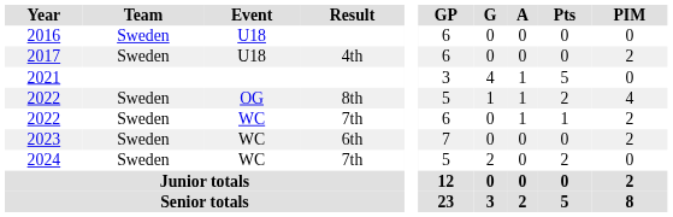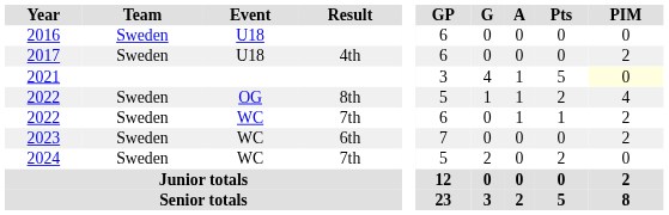 <table border="0" cellpadding="1" cellspacing="0" style="text-align:center; width:40em">
 <tr ALIGN="centre" bgcolor="#e0e0e0">
 <th>Year</th>
 <th>Team</th>
 <th>Event</th>
 <th>Result</th>
 <th rowspan="96" bgcolor="#ffffff"> </th>
 <th>GP</th>
 <th>G</th>
 <th>A</th>
 <th>Pts</th>
 <th>PIM</th>
 </tr>
 <tr>
 <td><a href='#'>2016</a></td>
 <td><a href='#'>Sweden</a></td>
 <td><a href='#'>U18</a></td>
 <td></td>
 <td>6</td>
 <td>0</td>
 <td>0</td>
 <td>0</td>
 <td>0</td>
 </tr>
 <tr bgcolor="#f0f0f0">
 <td><a href='#'>2017</a></td>
 <td>Sweden</td>
 <td>U18</td>
 <td>4th</td>
 <td>6</td>
 <td>0</td>
 <td>0</td>
 <td>0</td>
 <td>2</td>
 </tr>
 <tr>
 <td><a href='#'>2021</a></td>
 <td></td>
 <td></td>
 <td></td>
 <td>3</td>
 <td>4</td>
 <td>1</td>
 <td>5</td>
-<td>0</td>
+<td style="background: lightyellow;">0</td>
 </tr>
 <tr bgcolor="#f0f0f0">
 <td><a href='#'>2022</a></td>
 <td>Sweden</td>
 <td><a href='#'>OG</a></td>
 <td>8th</td>
 <td>5</td>
 <td>1</td>
 <td>1</td>
 <td>2</td>
 <td>4</td>
 </tr>
 <tr>
 <td><a href='#'>2022</a></td>
 <td>Sweden</td>
 <td><a href='#'>WC</a></td>
 <td>7th</td>
 <td>6</td>
 <td>0</td>
 <td>1</td>
 <td>1</td>
 <td>2</td>
 </tr>
 <tr bgcolor="#f0f0f0">
 <td><a href='#'>2023</a></td>
 <td>Sweden</td>
 <td>WC</td>
 <td>6th</td>
 <td>7</td>
 <td>0</td>
 <td>0</td>
 <td>0</td>
 <td>2</td>
 </tr>
 <tr>
 <td><a href='#'>2024</a></td>
 <td>Sweden</td>
 <td>WC</td>
 <td>7th</td>
 <td>5</td>
 <td>2</td>
 <td>0</td>
 <td>2</td>
 <td>0</td>
 </tr>
 <tr align="centre" bgcolor="#e0e0e0">
 <th colspan="4">Junior totals</th>
 <th>12</th>
 <th>0</th>
 <th>0</th>
 <th>0</th>
 <th>2</th>
 </tr>
 <tr align="centre" bgcolor="#e0e0e0">
 <th colspan="4">Senior totals</th>
 <th>23</th>
 <th>3</th>
 <th>2</th>
 <th>5</th>
 <th>8</th>
 </tr>
 </table>
